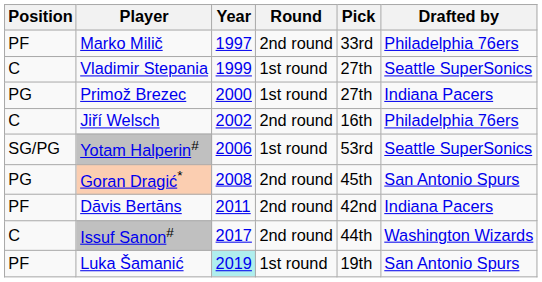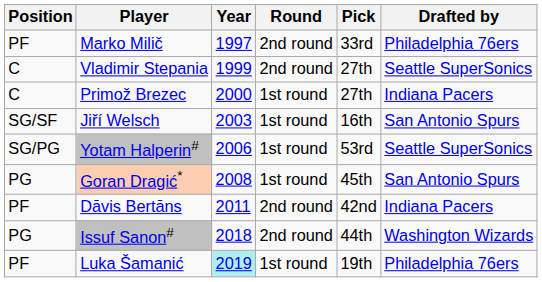 <table class="wikitable sortable" style="text-align: left;">
 <tr>
 <th>Position</th>
 <th>Player</th>
 <th>Year</th>
 <th>Round</th>
 <th>Pick</th>
 <th>Drafted by</th>
 </tr>
 <tr>
 <td>PF</td>
 <td> <a href='#'>Marko Milič</a></td>
 <td><a href='#'>1997</a></td>
 <td>2nd round</td>
 <td>33rd</td>
 <td><a href='#'>Philadelphia 76ers</a></td>
 </tr>
 <tr>
 <td>C</td>
 <td> <a href='#'>Vladimir Stepania</a></td>
 <td><a href='#'>1999</a></td>
-<td>1st round</td>
+<td>2nd round</td>
 <td>27th</td>
 <td><a href='#'>Seattle SuperSonics</a></td>
 </tr>
 <tr>
-<td>PG</td>
+<td>C</td>
 <td> <a href='#'>Primož Brezec</a></td>
 <td><a href='#'>2000</a></td>
 <td>1st round</td>
 <td>27th</td>
 <td><a href='#'>Indiana Pacers</a></td>
 </tr>
 <tr>
-<td>C</td>
+<td>SG/SF</td>
 <td> <a href='#'>Jiří Welsch</a></td>
-<td><a href='#'>2002</a></td>
-<td>2nd round</td>
+<td><a href='#'>2003</a></td>
+<td>1st round</td>
 <td>16th</td>
-<td><a href='#'>Philadelphia 76ers</a></td>
+<td><a href='#'>San Antonio Spurs</a></td>
 </tr>
 <tr>
 <td>SG/PG</td>
 <td style="background:silver;"> <a href='#'>Yotam Halperin</a><sup>#</sup></td>
 <td><a href='#'>2006</a></td>
 <td>1st round</td>
 <td>53rd</td>
 <td><a href='#'>Seattle SuperSonics</a></td>
 </tr>
 <tr>
 <td>PG</td>
 <td bgcolor="#FBCEB1"> <a href='#'>Goran Dragić</a><sup>*</sup></td>
 <td><a href='#'>2008</a></td>
-<td>2nd round</td>
+<td>1st round</td>
 <td>45th</td>
 <td><a href='#'>San Antonio Spurs</a></td>
 </tr>
 <tr>
 <td>PF</td>
 <td> <a href='#'>Dāvis Bertāns</a></td>
 <td><a href='#'>2011</a></td>
 <td>2nd round</td>
 <td>42nd</td>
 <td><a href='#'>Indiana Pacers</a></td>
 </tr>
 <tr>
-<td>C</td>
+<td>PG</td>
 <td style="background:silver;"> <a href='#'>Issuf Sanon</a><sup>#</sup></td>
-<td><a href='#'>2017</a></td>
+<td><a href='#'>2018</a></td>
 <td>2nd round</td>
 <td>44th</td>
 <td><a href='#'>Washington Wizards</a></td>
 </tr>
 <tr>
 <td>PF</td>
 <td> <a href='#'>Luka Šamanić</a></td>
 <td style="background: paleturquoise;"><a href='#'>2019</a></td>
 <td>1st round</td>
 <td>19th</td>
-<td><a href='#'>San Antonio Spurs</a></td>
+<td><a href='#'>Philadelphia 76ers</a></td>
 </tr>
 </table>
